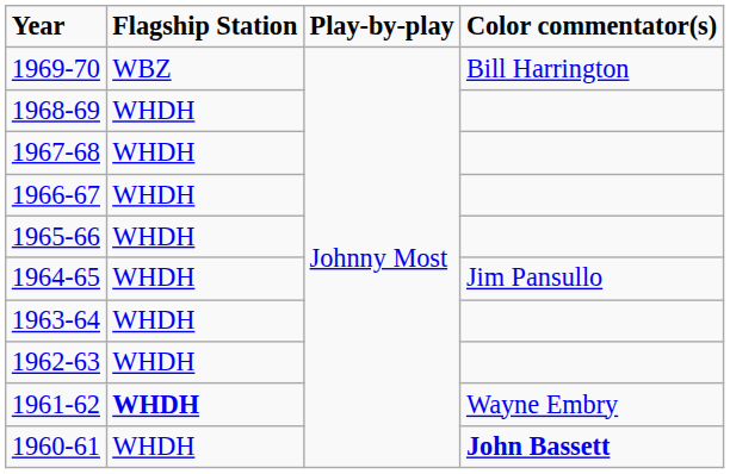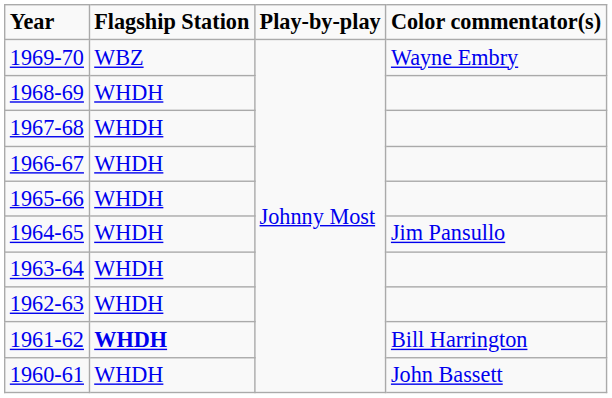 <table class="wikitable">
 <tr>
 <td><strong>Year</strong></td>
 <td><strong>Flagship Station</strong></td>
 <td><strong>Play-by-play</strong></td>
 <td><strong>Color commentator(s)</strong></td>
 </tr>
 <tr>
 <td><a href='#'>1969-70</a></td>
 <td><a href='#'>WBZ</a></td>
 <td rowspan=10><a href='#'>Johnny Most</a></td>
-<td><a href='#'>Bill Harrington</a></td>
+<td><a href='#'>Wayne Embry</a></td>
 </tr>
 <tr>
 <td><a href='#'>1968-69</a></td>
 <td><a href='#'>WHDH</a></td>
 <td></td>
 </tr>
 <tr>
 <td><a href='#'>1967-68</a></td>
 <td><a href='#'>WHDH</a></td>
 <td></td>
 </tr>
 <tr>
 <td><a href='#'>1966-67</a></td>
 <td><a href='#'>WHDH</a></td>
 <td></td>
 </tr>
 <tr>
 <td><a href='#'>1965-66</a></td>
 <td><a href='#'>WHDH</a></td>
 <td></td>
 </tr>
 <tr>
 <td><a href='#'>1964-65</a></td>
 <td><a href='#'>WHDH</a></td>
 <td><a href='#'>Jim Pansullo</a></td>
 </tr>
 <tr>
 <td><a href='#'>1963-64</a></td>
 <td><a href='#'>WHDH</a></td>
 <td></td>
 </tr>
 <tr>
 <td><a href='#'>1962-63</a></td>
 <td><a href='#'>WHDH</a></td>
 <td></td>
 </tr>
 <tr>
 <td><a href='#'>1961-62</a></td>
 <td><strong><a href='#'>WHDH</a></strong></td>
-<td><a href='#'>Wayne Embry</a></td>
+<td><a href='#'>Bill Harrington</a></td>
 </tr>
 <tr>
 <td><a href='#'>1960-61</a></td>
 <td><a href='#'>WHDH</a></td>
-<td><strong><a href='#'>John Bassett</a></strong></td>
+<td><a href='#'>John Bassett</a></td>
 </tr>
 </table>
